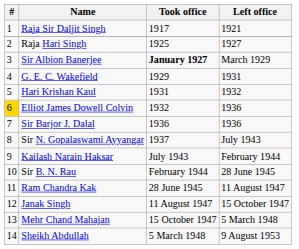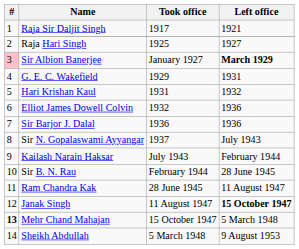 <table class="wikitable">
 <tr>
 <th>#</th>
 <th>Name</th>
 <th>Took office</th>
 <th>Left office</th>
 </tr>
 <tr>
 <td>1</td>
 <td><a href='#'>Raja Sir Daljit Singh</a></td>
 <td>1917</td>
 <td>1921</td>
 </tr>
 <tr>
 </tr>
 <tr>
 <td>2</td>
 <td>Raja <a href='#'>Hari Singh</a></td>
 <td>1925</td>
 <td>1927</td>
 </tr>
 <tr>
-<td>3</td>
+<td style="background: pink;">3</td>
 <td><a href='#'>Sir Albion Banerjee</a></td>
-<td><strong>January 1927</strong></td>
-<td>March 1929</td>
+<td>January 1927</td>
+<td><strong>March 1929</strong></td>
 </tr>
 <tr>
 <td>4</td>
 <td><a href='#'>G. E. C. Wakefield</a></td>
 <td>1929</td>
 <td>1931</td>
 </tr>
 <tr>
 <td>5</td>
 <td><a href='#'>Hari Krishan Kaul</a></td>
 <td>1931</td>
 <td>1932</td>
 </tr>
 <tr>
-<td style="background: gold;">6</td>
+<td>6</td>
 <td><a href='#'>Elliot James Dowell Colvin</a></td>
 <td>1932</td>
 <td>1936</td>
 </tr>
 <tr>
 <td>7</td>
 <td><a href='#'>Sir Barjor J. Dalal</a></td>
 <td>1936</td>
 <td>1936</td>
 </tr>
 <tr>
 <td>8</td>
 <td>Sir <a href='#'>N. Gopalaswami Ayyangar</a></td>
 <td>1937</td>
 <td>July 1943</td>
 </tr>
 <tr>
 <td>9</td>
 <td><a href='#'>Kailash Narain Haksar</a></td>
 <td>July 1943</td>
 <td>February 1944</td>
 </tr>
 <tr>
 <td>10</td>
 <td>Sir <a href='#'>B. N. Rau</a></td>
 <td>February 1944</td>
 <td>28 June 1945</td>
 </tr>
 <tr>
 <td>11</td>
 <td><a href='#'>Ram Chandra Kak</a></td>
 <td>28 June 1945</td>
 <td>11 August 1947</td>
 </tr>
 <tr>
 <td>12</td>
 <td><a href='#'>Janak Singh</a></td>
 <td>11 August 1947</td>
-<td>15 October 1947</td>
+<td><strong>15 October 1947</strong></td>
 </tr>
 <tr>
-<td>13</td>
+<td><strong>13</strong></td>
 <td><a href='#'>Mehr Chand Mahajan</a></td>
 <td>15 October 1947</td>
 <td>5 March 1948</td>
 </tr>
 <tr>
 <td>14</td>
 <td><a href='#'>Sheikh Abdullah</a></td>
 <td>5 March 1948</td>
 <td>9 August 1953</td>
 </tr>
 </table>
